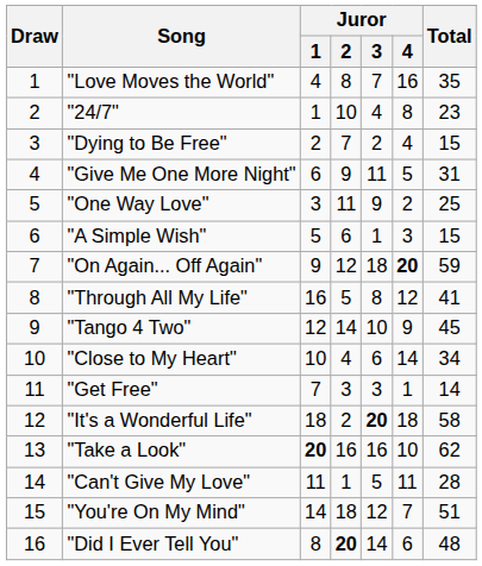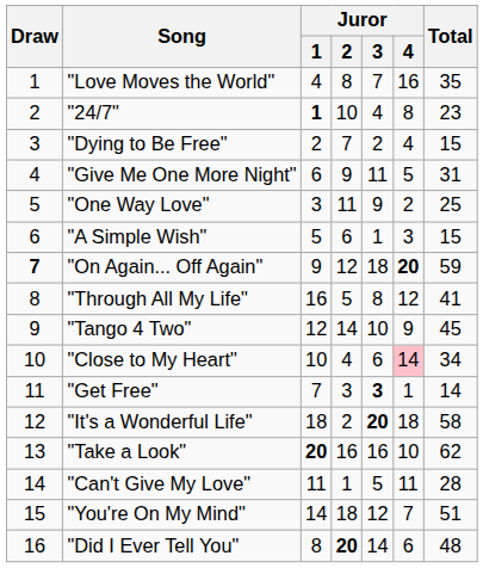 <table class="wikitable collapsible" style="margin: 1em auto 1em auto; text-align:center">
 <tr>
 <th rowspan="2">Draw</th>
 <th rowspan="2">Song</th>
 <th colspan="4">Juror</th>
 <th rowspan="2">Total</th>
 </tr>
 <tr>
 <th>1</th>
 <th>2</th>
 <th>3</th>
 <th>4</th>
 </tr>
 <tr>
 <td>1</td>
 <td align="left">"Love Moves the World"</td>
 <td>4</td>
 <td>8</td>
 <td>7</td>
 <td>16</td>
 <td>35</td>
 </tr>
 <tr>
 <td>2</td>
 <td align="left">"24/7"</td>
-<td>1</td>
+<td><strong>1</strong></td>
 <td>10</td>
 <td>4</td>
 <td>8</td>
 <td>23</td>
 </tr>
 <tr>
 <td>3</td>
 <td align="left">"Dying to Be Free"</td>
 <td>2</td>
 <td>7</td>
 <td>2</td>
 <td>4</td>
 <td>15</td>
 </tr>
 <tr>
 <td>4</td>
 <td align="left">"Give Me One More Night"</td>
 <td>6</td>
 <td>9</td>
 <td>11</td>
 <td>5</td>
 <td>31</td>
 </tr>
 <tr>
 <td>5</td>
 <td align="left">"One Way Love"</td>
 <td>3</td>
 <td>11</td>
 <td>9</td>
 <td>2</td>
 <td>25</td>
 </tr>
 <tr>
 <td>6</td>
 <td align="left">"A Simple Wish"</td>
 <td>5</td>
 <td>6</td>
 <td>1</td>
 <td>3</td>
 <td>15</td>
 </tr>
 <tr>
-<td>7</td>
+<td><strong>7</strong></td>
 <td align="left">"On Again... Off Again"</td>
 <td>9</td>
 <td>12</td>
 <td>18</td>
 <td><strong>20</strong></td>
 <td>59</td>
 </tr>
 <tr>
 <td>8</td>
 <td align="left">"Through All My Life"</td>
 <td>16</td>
 <td>5</td>
 <td>8</td>
 <td>12</td>
 <td>41</td>
 </tr>
 <tr>
 <td>9</td>
 <td align="left">"Tango 4 Two"</td>
 <td>12</td>
 <td>14</td>
 <td>10</td>
 <td>9</td>
 <td>45</td>
 </tr>
 <tr>
 <td>10</td>
 <td align="left">"Close to My Heart"</td>
 <td>10</td>
 <td>4</td>
 <td>6</td>
-<td>14</td>
+<td style="background: pink;">14</td>
 <td>34</td>
 </tr>
 <tr>
 <td>11</td>
 <td align="left">"Get Free"</td>
 <td>7</td>
 <td>3</td>
-<td>3</td>
+<td><strong>3</strong></td>
 <td>1</td>
 <td>14</td>
 </tr>
 <tr>
 <td>12</td>
 <td align="left">"It's a Wonderful Life"</td>
 <td>18</td>
 <td>2</td>
 <td><strong>20</strong></td>
 <td>18</td>
 <td>58</td>
 </tr>
 <tr>
 <td>13</td>
 <td align="left">"Take a Look"</td>
 <td><strong>20</strong></td>
 <td>16</td>
 <td>16</td>
 <td>10</td>
 <td>62</td>
 </tr>
 <tr>
 <td>14</td>
 <td align="left">"Can't Give My Love"</td>
 <td>11</td>
 <td>1</td>
 <td>5</td>
 <td>11</td>
 <td>28</td>
 </tr>
 <tr>
 <td>15</td>
 <td align="left">"You're On My Mind"</td>
 <td>14</td>
 <td>18</td>
 <td>12</td>
 <td>7</td>
 <td>51</td>
 </tr>
 <tr>
 <td>16</td>
 <td align="left">"Did I Ever Tell You"</td>
 <td>8</td>
 <td><strong>20</strong></td>
 <td>14</td>
 <td>6</td>
 <td>48</td>
 </tr>
 </table>
